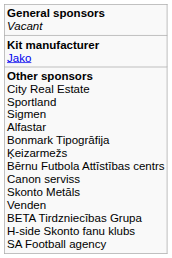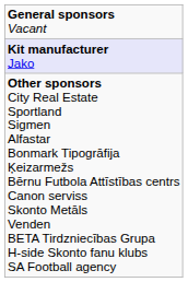 <table class="wikitable">
 <tr>
 <td><strong>General sponsors</strong><br><em>Vacant</em></td>
 </tr>
 <tr>
-<td><strong>Kit manufacturer</strong><br> <a href='#'>Jako</a></td>
+<td style="background: lavender;"><strong>Kit manufacturer</strong><br> <a href='#'>Jako</a></td>
 </tr>
 <tr>
 <td><strong>Other sponsors</strong><br> City Real Estate <br>  Sportland <br>  Sigmen <br>  Alfastar <br>  Bonmark Tipogrāfija <br>  Ķeizarmežs <br>  Bērnu Futbola Attīstības centrs <br>  Canon serviss <br>  Skonto Metāls <br>  Venden <br>  BETA Tirdzniecības Grupa <br>  H-side Skonto fanu klubs <br>  SA Football agency</td>
 </tr>
 </table>
